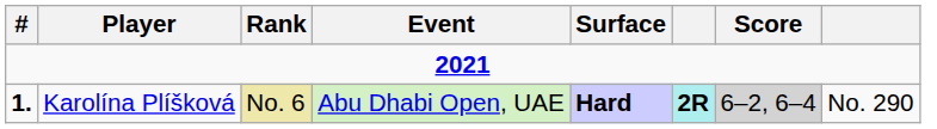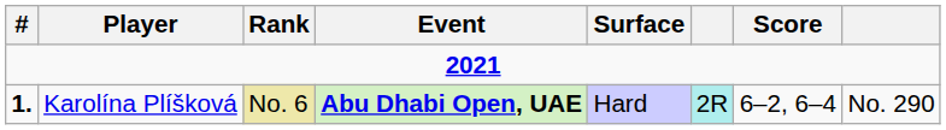 <table class="wikitable sortable">
 <tr>
 <th>#</th>
 <th>Player</th>
 <th>Rank</th>
 <th>Event</th>
 <th>Surface</th>
 <th></th>
 <th>Score</th>
 <th></th>
 </tr>
 <tr>
 <td colspan="8" style="text-align:center"><strong><a href='#'>2021</a></strong></td>
 </tr>
 <tr>
 <td><strong>1.</strong></td>
 <td> <a href='#'>Karolína Plíšková</a></td>
 <td bgcolor=EEE8AA>No. 6</td>
-<td bgcolor=#D4F1C5><a href='#'>Abu Dhabi Open</a>, UAE</td>
-<td bgcolor=CCCCFF><strong>Hard</strong></td>
-<td bgcolor=afeeee><strong>2R</strong></td>
-<td style="background: lightgrey;">6–2, 6–4</td>
+<td bgcolor=#D4F1C5><strong><a href='#'>Abu Dhabi Open</a>, UAE</strong></td>
+<td bgcolor=CCCCFF>Hard</td>
+<td bgcolor=afeeee>2R</td>
+<td>6–2, 6–4</td>
 <td style=text-align:center>No. 290</td>
 </tr>
 </table>
